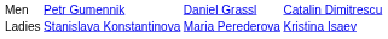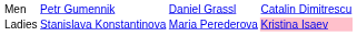 <table>
 <tr>
 <td>Men</td>
 <td><a href='#'>Petr Gumennik</a></td>
 <td><a href='#'>Daniel Grassl</a></td>
 <td><a href='#'>Catalin Dimitrescu</a></td>
 </tr>
 <tr>
 <td>Ladies</td>
 <td><a href='#'>Stanislava Konstantinova</a></td>
 <td><a href='#'>Maria Perederova</a></td>
-<td><a href='#'>Kristina Isaev</a></td>
+<td style="background: pink;"><a href='#'>Kristina Isaev</a></td>
 </tr>
 </table>
